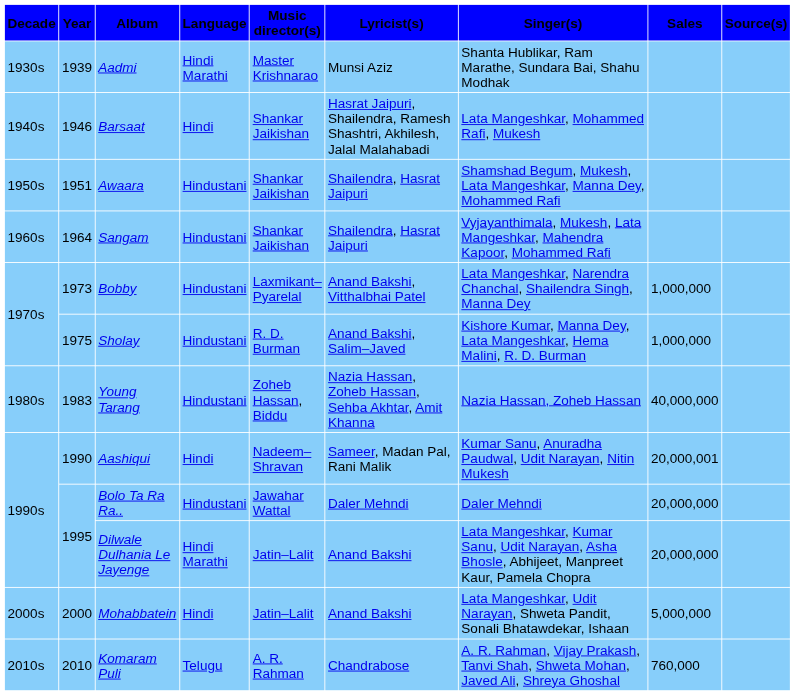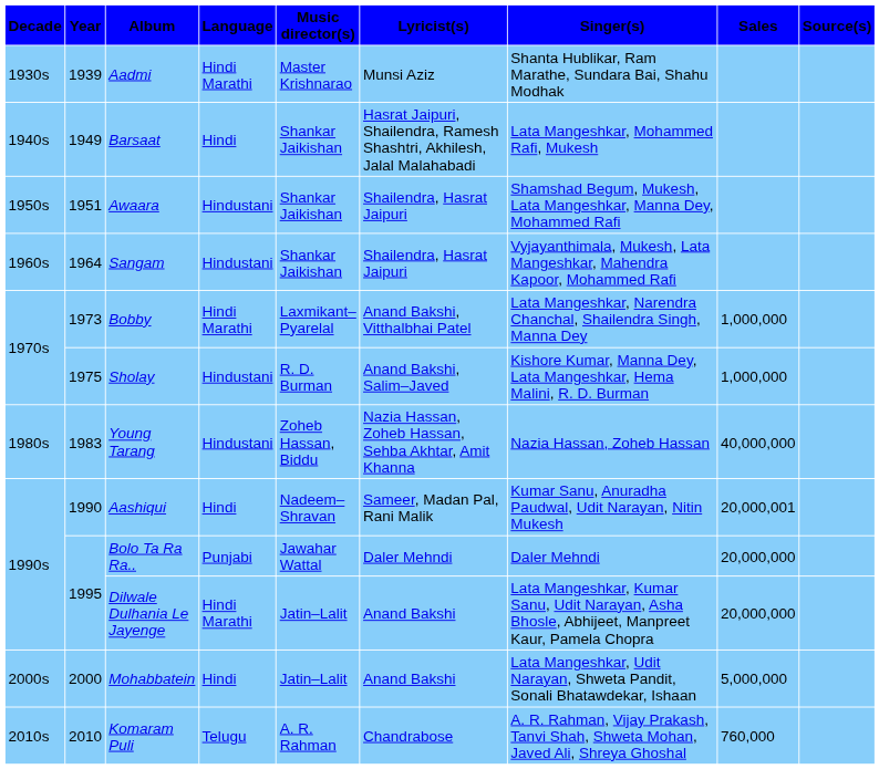 <table border=0 cellpadding=3 cellspacing=1 style="width:100%; font-size:95%;">
 <tr style="background:#00f; colour:#fff;">
 <th scope="col">Decade</th>
 <th scope="col">Year</th>
 <th scope="col">Album</th>
 <th>Language</th>
 <th scope="col">Music director(s)</th>
 <th scope="col" style="width:20%;">Lyricist(s)</th>
 <th scope="col" style="width:30%;">Singer(s)</th>
 <th scope="col">Sales</th>
 <th scope="col">Source(s)</th>
 </tr>
 <tr style="background:#87cefa;">
 <td>1930s</td>
 <td>1939</td>
 <td><em><a href='#'>Aadmi</a></em></td>
 <td><a href='#'>Hindi</a><br><a href='#'>Marathi</a></td>
 <td><a href='#'>Master Krishnarao</a></td>
 <td>Munsi Aziz</td>
 <td>Shanta Hublikar, Ram Marathe, Sundara Bai, Shahu Modhak</td>
 <td></td>
 <td></td>
 </tr>
 <tr style="background:#87cefa;">
 <td>1940s</td>
-<td>1946</td>
+<td>1949</td>
 <td><em><a href='#'>Barsaat</a></em></td>
 <td><a href='#'>Hindi</a></td>
 <td><a href='#'>Shankar Jaikishan</a></td>
 <td><a href='#'>Hasrat Jaipuri</a>, Shailendra, Ramesh Shashtri, Akhilesh, Jalal Malahabadi</td>
 <td><a href='#'>Lata Mangeshkar</a>, <a href='#'>Mohammed Rafi</a>, <a href='#'>Mukesh</a></td>
 <td></td>
 <td></td>
 </tr>
 <tr style="background:#87cefa;">
 <td>1950s</td>
 <td>1951</td>
 <td><em><a href='#'>Awaara</a></em></td>
 <td><a href='#'>Hindustani</a></td>
 <td><a href='#'>Shankar Jaikishan</a></td>
 <td><a href='#'>Shailendra</a>, <a href='#'>Hasrat Jaipuri</a></td>
 <td><a href='#'>Shamshad Begum</a>, <a href='#'>Mukesh</a>, <a href='#'>Lata Mangeshkar</a>, <a href='#'>Manna Dey</a>, <a href='#'>Mohammed Rafi</a></td>
 <td></td>
 <td></td>
 </tr>
 <tr style="background:#87cefa;">
 <td>1960s</td>
 <td>1964</td>
 <td><em><a href='#'>Sangam</a></em></td>
 <td><a href='#'>Hindustani</a></td>
 <td><a href='#'>Shankar Jaikishan</a></td>
 <td><a href='#'>Shailendra</a>, <a href='#'>Hasrat Jaipuri</a></td>
 <td><a href='#'>Vyjayanthimala</a>, <a href='#'>Mukesh</a>, <a href='#'>Lata Mangeshkar</a>, <a href='#'>Mahendra Kapoor</a>, <a href='#'>Mohammed Rafi</a></td>
 <td></td>
 <td></td>
 </tr>
 <tr style="background:#87cefa;">
 <td rowspan="2">1970s</td>
 <td>1973</td>
 <td><em><a href='#'>Bobby</a></em></td>
-<td><a href='#'>Hindustani</a></td>
+<td><a href='#'>Hindi</a><br><a href='#'>Marathi</a></td>
 <td><a href='#'>Laxmikant–Pyarelal</a></td>
 <td><a href='#'>Anand Bakshi</a>, <a href='#'>Vitthalbhai Patel</a></td>
 <td><a href='#'>Lata Mangeshkar</a>, <a href='#'>Narendra Chanchal</a>, <a href='#'>Shailendra Singh</a>, <a href='#'>Manna Dey</a></td>
 <td>1,000,000</td>
 <td></td>
 </tr>
 <tr style="background:#87cefa;">
 <td>1975</td>
 <td><em><a href='#'>Sholay</a></em></td>
 <td><a href='#'>Hindustani</a></td>
 <td><a href='#'>R. D. Burman</a></td>
 <td><a href='#'>Anand Bakshi</a>, <a href='#'>Salim–Javed</a></td>
 <td><a href='#'>Kishore Kumar</a>, <a href='#'>Manna Dey</a>, <a href='#'>Lata Mangeshkar</a>, <a href='#'>Hema Malini</a>, <a href='#'>R. D. Burman</a></td>
 <td>1,000,000</td>
 <td></td>
 </tr>
 <tr style="background:#87cefa;">
 <td>1980s</td>
 <td>1983</td>
 <td><em><a href='#'>Young Tarang</a></em></td>
 <td><a href='#'>Hindustani</a></td>
 <td><a href='#'>Zoheb Hassan</a>, <a href='#'>Biddu</a></td>
 <td><a href='#'>Nazia Hassan</a>, <a href='#'>Zoheb Hassan</a>, <a href='#'>Sehba Akhtar</a>, <a href='#'>Amit Khanna</a></td>
 <td><a href='#'>Nazia Hassan, Zoheb Hassan</a></td>
 <td>40,000,000</td>
 <td></td>
 </tr>
 <tr style="background:#87cefa;">
 <td rowspan="3">1990s</td>
 <td>1990</td>
 <td><em><a href='#'>Aashiqui</a></em></td>
 <td><a href='#'>Hindi</a></td>
 <td><a href='#'>Nadeem–Shravan</a></td>
 <td><a href='#'>Sameer</a>, Madan Pal, Rani Malik</td>
 <td><a href='#'>Kumar Sanu</a>, <a href='#'>Anuradha Paudwal</a>, <a href='#'>Udit Narayan</a>, <a href='#'>Nitin Mukesh</a></td>
 <td>20,000,001</td>
 <td></td>
 </tr>
 <tr style="background:#87cefa;">
 <td rowspan="2">1995</td>
 <td><em><a href='#'>Bolo Ta Ra Ra..</a></em></td>
-<td><a href='#'>Hindustani</a></td>
+<td><a href='#'>Punjabi</a></td>
 <td><a href='#'>Jawahar Wattal</a></td>
 <td><a href='#'>Daler Mehndi</a></td>
 <td><a href='#'>Daler Mehndi</a></td>
 <td>20,000,000</td>
 <td></td>
 </tr>
 <tr style="background:#87cefa;">
 <td><em><a href='#'>Dilwale Dulhania Le Jayenge</a></em></td>
 <td><a href='#'>Hindi</a><br><a href='#'>Marathi</a></td>
 <td><a href='#'>Jatin–Lalit</a></td>
 <td><a href='#'>Anand Bakshi</a></td>
 <td><a href='#'>Lata Mangeshkar</a>, <a href='#'>Kumar Sanu</a>, <a href='#'>Udit Narayan</a>, <a href='#'>Asha Bhosle</a>, Abhijeet, Manpreet Kaur, Pamela Chopra</td>
 <td>20,000,000</td>
 <td></td>
 </tr>
 <tr style="background:#87cefa;">
 <td>2000s</td>
 <td>2000</td>
 <td><em><a href='#'>Mohabbatein</a></em></td>
 <td><a href='#'>Hindi</a></td>
 <td><a href='#'>Jatin–Lalit</a></td>
 <td><a href='#'>Anand Bakshi</a></td>
 <td><a href='#'>Lata Mangeshkar</a>, <a href='#'>Udit Narayan</a>, Shweta Pandit, Sonali Bhatawdekar, Ishaan</td>
 <td>5,000,000</td>
 <td></td>
 </tr>
 <tr style="background:#87cefa;">
 <td>2010s</td>
 <td>2010</td>
 <td><em><a href='#'>Komaram Puli</a></em></td>
 <td><a href='#'>Telugu</a></td>
 <td><a href='#'>A. R. Rahman</a></td>
 <td><a href='#'>Chandrabose</a></td>
 <td><a href='#'>A. R. Rahman</a>, <a href='#'>Vijay Prakash</a>, <a href='#'>Tanvi Shah</a>, <a href='#'>Shweta Mohan</a>, <a href='#'>Javed Ali</a>, <a href='#'>Shreya Ghoshal</a></td>
 <td>760,000</td>
 <td></td>
 </tr>
 </table>
